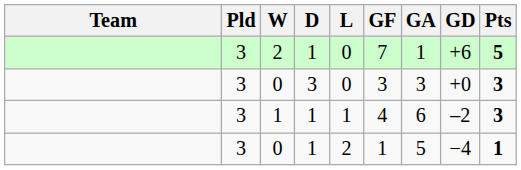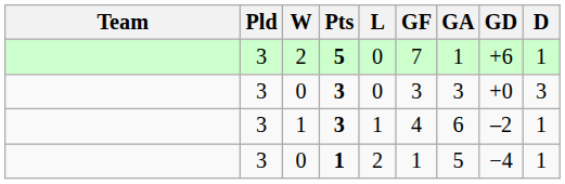 <table class="wikitable" style="text-align:center;">
 <tr>
 <th width=165>Team</th>
 <th width=20>Pld</th>
 <th width=20>W</th>
-<th width=20>D</th>
+<th width=20>Pts</th>
 <th width=20>L</th>
 <th width=20>GF</th>
 <th width=20>GA</th>
 <th width=20>GD</th>
-<th width=20>Pts</th>
+<th width=20>D</th>
 </tr>
 <tr align=center style="background:#ccffcc;">
 <td style="text-align:left;"></td>
 <td>3</td>
 <td>2</td>
-<td>1</td>
+<td><strong>5</strong></td>
 <td>0</td>
 <td>7</td>
 <td>1</td>
 <td>+6</td>
-<td><strong>5</strong></td>
+<td>1</td>
 </tr>
 <tr align=center>
 <td style="text-align:left;"></td>
 <td>3</td>
 <td>0</td>
-<td>3</td>
+<td><strong>3</strong></td>
 <td>0</td>
 <td>3</td>
 <td>3</td>
 <td>+0</td>
-<td><strong>3</strong></td>
+<td>3</td>
 </tr>
 <tr align=center>
 <td style="text-align:left;"></td>
 <td>3</td>
 <td>1</td>
-<td>1</td>
+<td><strong>3</strong></td>
 <td>1</td>
 <td>4</td>
 <td>6</td>
 <td>–2</td>
-<td><strong>3</strong></td>
+<td>1</td>
 </tr>
 <tr align=center>
 <td style="text-align:left;"></td>
 <td>3</td>
 <td>0</td>
-<td>1</td>
+<td><strong>1</strong></td>
 <td>2</td>
 <td>1</td>
 <td>5</td>
 <td>−4</td>
-<td><strong>1</strong></td>
+<td>1</td>
 </tr>
 </table>
